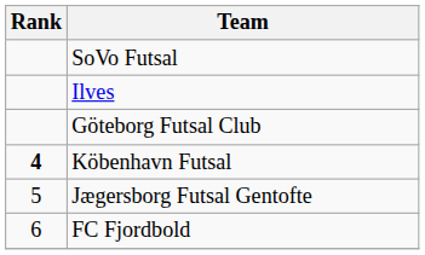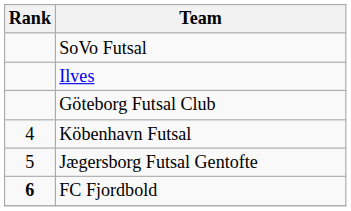 <table class="wikitable" style="text-align:center;">
 <tr>
 <th width=20>Rank</th>
 <th width=250>Team</th>
 </tr>
 <tr>
 <td></td>
 <td style="text-align:left;"> SoVo Futsal</td>
 </tr>
 <tr>
 <td></td>
 <td style="text-align:left;"> <a href='#'>Ilves</a></td>
 </tr>
 <tr>
 <td></td>
 <td style="text-align:left;"> Göteborg Futsal Club</td>
 </tr>
 <tr>
-<td><strong>4</strong></td>
+<td>4</td>
 <td style="text-align:left;"> Köbenhavn Futsal</td>
 </tr>
 <tr>
 <td>5</td>
 <td style="text-align:left;"> Jægersborg Futsal Gentofte</td>
 </tr>
 <tr>
-<td>6</td>
+<td><strong>6</strong></td>
 <td style="text-align:left;"> FC Fjordbold</td>
 </tr>
 <tr>
 </tr>
 </table>
